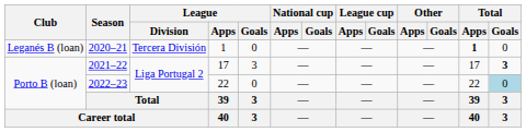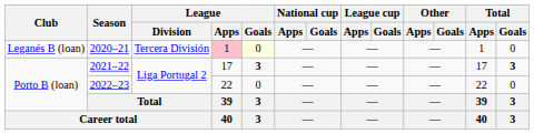 <table class="wikitable" style="text-align: center">
 <tr>
 <th rowspan="2">Club</th>
 <th rowspan="2">Season</th>
 <th colspan="3">League</th>
 <th colspan="2">National cup</th>
 <th colspan="2">League cup</th>
 <th colspan="2">Other</th>
 <th colspan="2">Total</th>
 </tr>
 <tr>
 <th>Division</th>
 <th>Apps</th>
 <th>Goals</th>
 <th>Apps</th>
 <th>Goals</th>
 <th>Apps</th>
 <th>Goals</th>
 <th>Apps</th>
 <th>Goals</th>
 <th>Apps</th>
 <th>Goals</th>
 </tr>
 <tr>
 <td><a href='#'>Leganés B</a> (loan)</td>
 <td><a href='#'>2020–21</a></td>
 <td><a href='#'>Tercera División</a></td>
-<td>1</td>
-<td>0</td>
+<td style="background: pink;">1</td>
+<td style="background: lightyellow;">0</td>
 <td colspan="2">—</td>
 <td colspan="2">—</td>
 <td colspan="2">—</td>
-<td><strong>1</strong></td>
+<td>1</td>
 <td>0</td>
 </tr>
 <tr>
 <td rowspan="3"><a href='#'>Porto B</a> (loan)</td>
 <td><a href='#'>2021–22</a></td>
 <td rowspan="2"><a href='#'>Liga Portugal 2</a></td>
 <td>17</td>
-<td>3</td>
+<td><strong>3</strong></td>
 <td colspan="2">—</td>
 <td colspan="2">—</td>
 <td colspan="2">—</td>
 <td>17</td>
 <td><strong>3</strong></td>
 </tr>
 <tr>
 <td><a href='#'>2022–23</a></td>
 <td>22</td>
 <td>0</td>
 <td colspan="2">—</td>
 <td colspan="2">—</td>
 <td colspan="2">—</td>
 <td>22</td>
-<td style="background: lightblue;">0</td>
+<td>0</td>
 </tr>
 <tr>
 <th colspan="2">Total</th>
 <th>39</th>
 <th>3</th>
 <th colspan="2">—</th>
 <th colspan="2">—</th>
 <th colspan="2">—</th>
 <th>39</th>
 <th>3</th>
 </tr>
 <tr>
 <th colspan="3"><strong>Career total</strong></th>
 <th>40</th>
 <th>3</th>
 <th colspan="2">—</th>
 <th colspan="2">—</th>
 <th colspan="2">—</th>
 <th>40</th>
 <th>3</th>
 </tr>
 </table>
